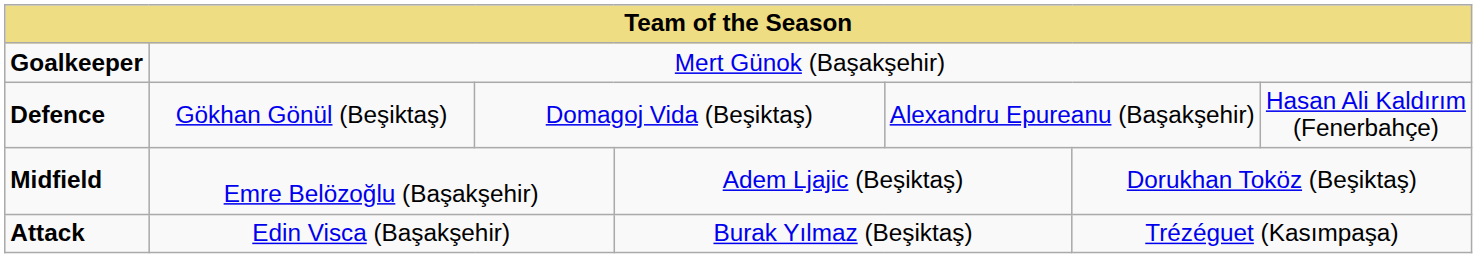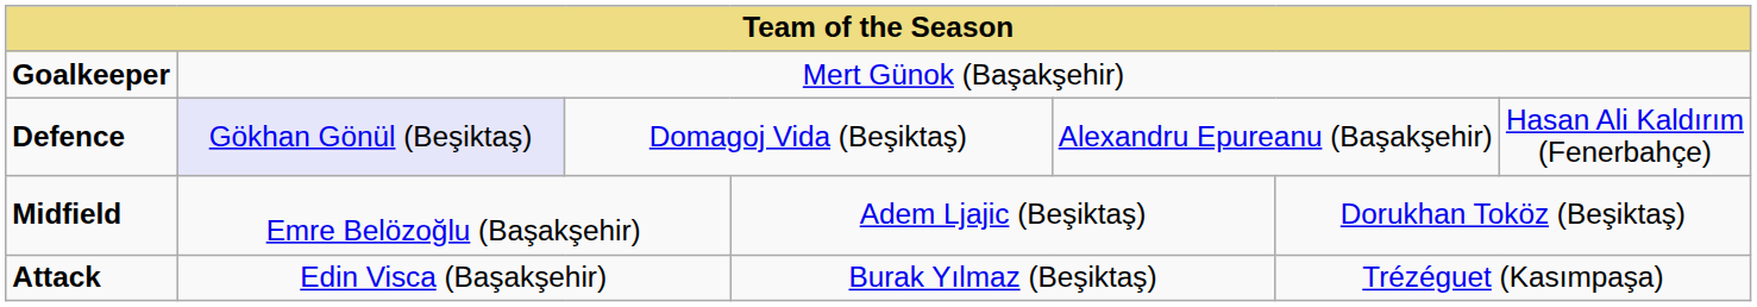 <table class="wikitable">
 <tr>
 <th style="background-color: #eedd82"     colspan="7">Team of the Season</th>
 </tr>
 <tr>
 <td><strong>Goalkeeper</strong></td>
 <td colspan="6" align="center"> <a href='#'>Mert Günok</a> (Başakşehir)</td>
 </tr>
 <tr>
 <td><strong>Defence</strong></td>
-<td align="center"> <a href='#'>Gökhan Gönül</a> (Beşiktaş)</td>
+<td align="center" style="background: lavender;"> <a href='#'>Gökhan Gönül</a> (Beşiktaş)</td>
 <td colspan="2" align="center"> <a href='#'>Domagoj Vida</a> (Beşiktaş)</td>
 <td colspan="2" align="center"> <a href='#'>Alexandru Epureanu</a> (Başakşehir)</td>
 <td align="center"> <a href='#'>Hasan Ali Kaldırım</a><br>(Fenerbahçe)</td>
 </tr>
 <tr>
 <td><strong>Midfield</strong></td>
 <td colspan="2" align="center"><br><a href='#'>Emre Belözoğlu</a> (Başakşehir)</td>
 <td colspan="2" align="center"> <a href='#'>Adem Ljajic</a> (Beşiktaş)</td>
 <td colspan="2" align="center"> <a href='#'>Dorukhan Toköz</a> (Beşiktaş)</td>
 </tr>
 <tr>
 <td><strong>Attack</strong></td>
 <td colspan="2" align="center"> <a href='#'>Edin Visca</a> (Başakşehir)</td>
 <td colspan="2" align="center"> <a href='#'>Burak Yılmaz</a> (Beşiktaş)</td>
 <td colspan="2" align="center"> <a href='#'>Trézéguet</a> (Kasımpaşa)</td>
 </tr>
 </table>
